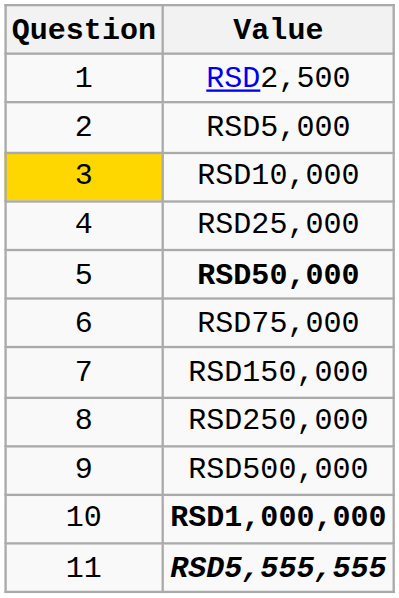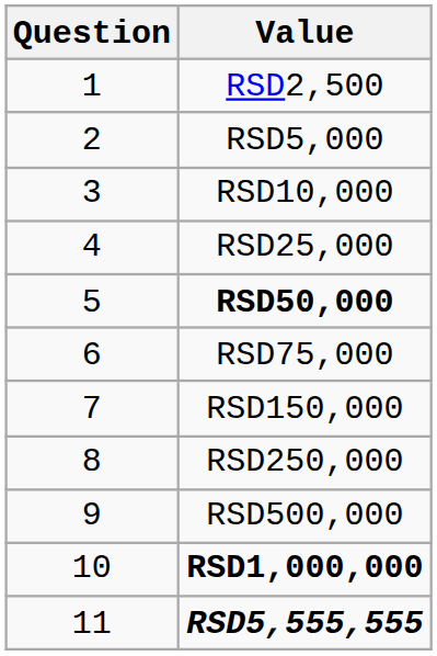 <table class="infobox wikitable" style="margin: 0 0 0.5em 1em;">
 <tr>
 <th>Question</th>
 <th>Value</th>
 </tr>
 <tr>
 <td align=center>1</td>
 <td align=center><a href='#'>RSD</a>2,500</td>
 </tr>
 <tr>
 <td align=center>2</td>
 <td align=center>RSD5,000</td>
 </tr>
 <tr>
-<td align=center style="background: gold;">3</td>
+<td align=center>3</td>
 <td align=center>RSD10,000</td>
 </tr>
 <tr>
 <td align=center>4</td>
 <td align=center>RSD25,000</td>
 </tr>
 <tr>
 <td align=center>5</td>
 <td align=center><strong>RSD50,000</strong></td>
 </tr>
 <tr>
 <td align=center>6</td>
 <td align=center>RSD75,000</td>
 </tr>
 <tr>
 <td align=center>7</td>
 <td align=center>RSD150,000</td>
 </tr>
 <tr>
 <td align=center>8</td>
 <td align=center>RSD250,000</td>
 </tr>
 <tr>
 <td align=center>9</td>
 <td align=center>RSD500,000</td>
 </tr>
 <tr>
 <td align=center>10</td>
 <td align=center><strong>RSD1,000,000</strong></td>
 </tr>
 <tr>
 <td align=center>11</td>
 <td align=center><strong><em>RSD5,555,555</em></strong></td>
 </tr>
 </table>
